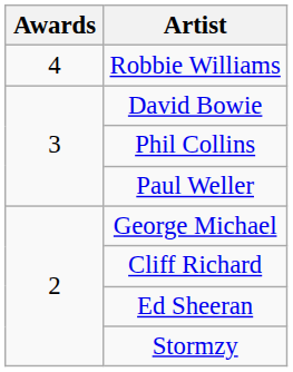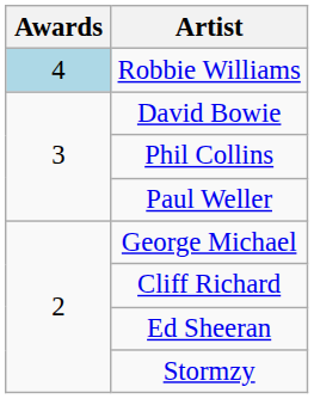 <table class="wikitable" rowspan="2" style="text-align:center;">
 <tr>
 <th scope="col" style="width:55px;">Awards</th>
 <th scope="col" style="text-align:center;">Artist</th>
 </tr>
 <tr>
-<td>4</td>
+<td style="background: lightblue;">4</td>
 <td><a href='#'>Robbie Williams</a></td>
 </tr>
 <tr>
 <td rowspan="3">3</td>
 <td><a href='#'>David Bowie</a></td>
 </tr>
 <tr>
 <td><a href='#'>Phil Collins</a></td>
 </tr>
 <tr>
 <td><a href='#'>Paul Weller</a></td>
 </tr>
 <tr>
 <td rowspan="4">2</td>
 <td><a href='#'>George Michael</a></td>
 </tr>
 <tr>
 <td><a href='#'>Cliff Richard</a></td>
 </tr>
 <tr>
 <td><a href='#'>Ed Sheeran</a></td>
 </tr>
 <tr>
 <td><a href='#'>Stormzy</a></td>
 </tr>
 </table>
